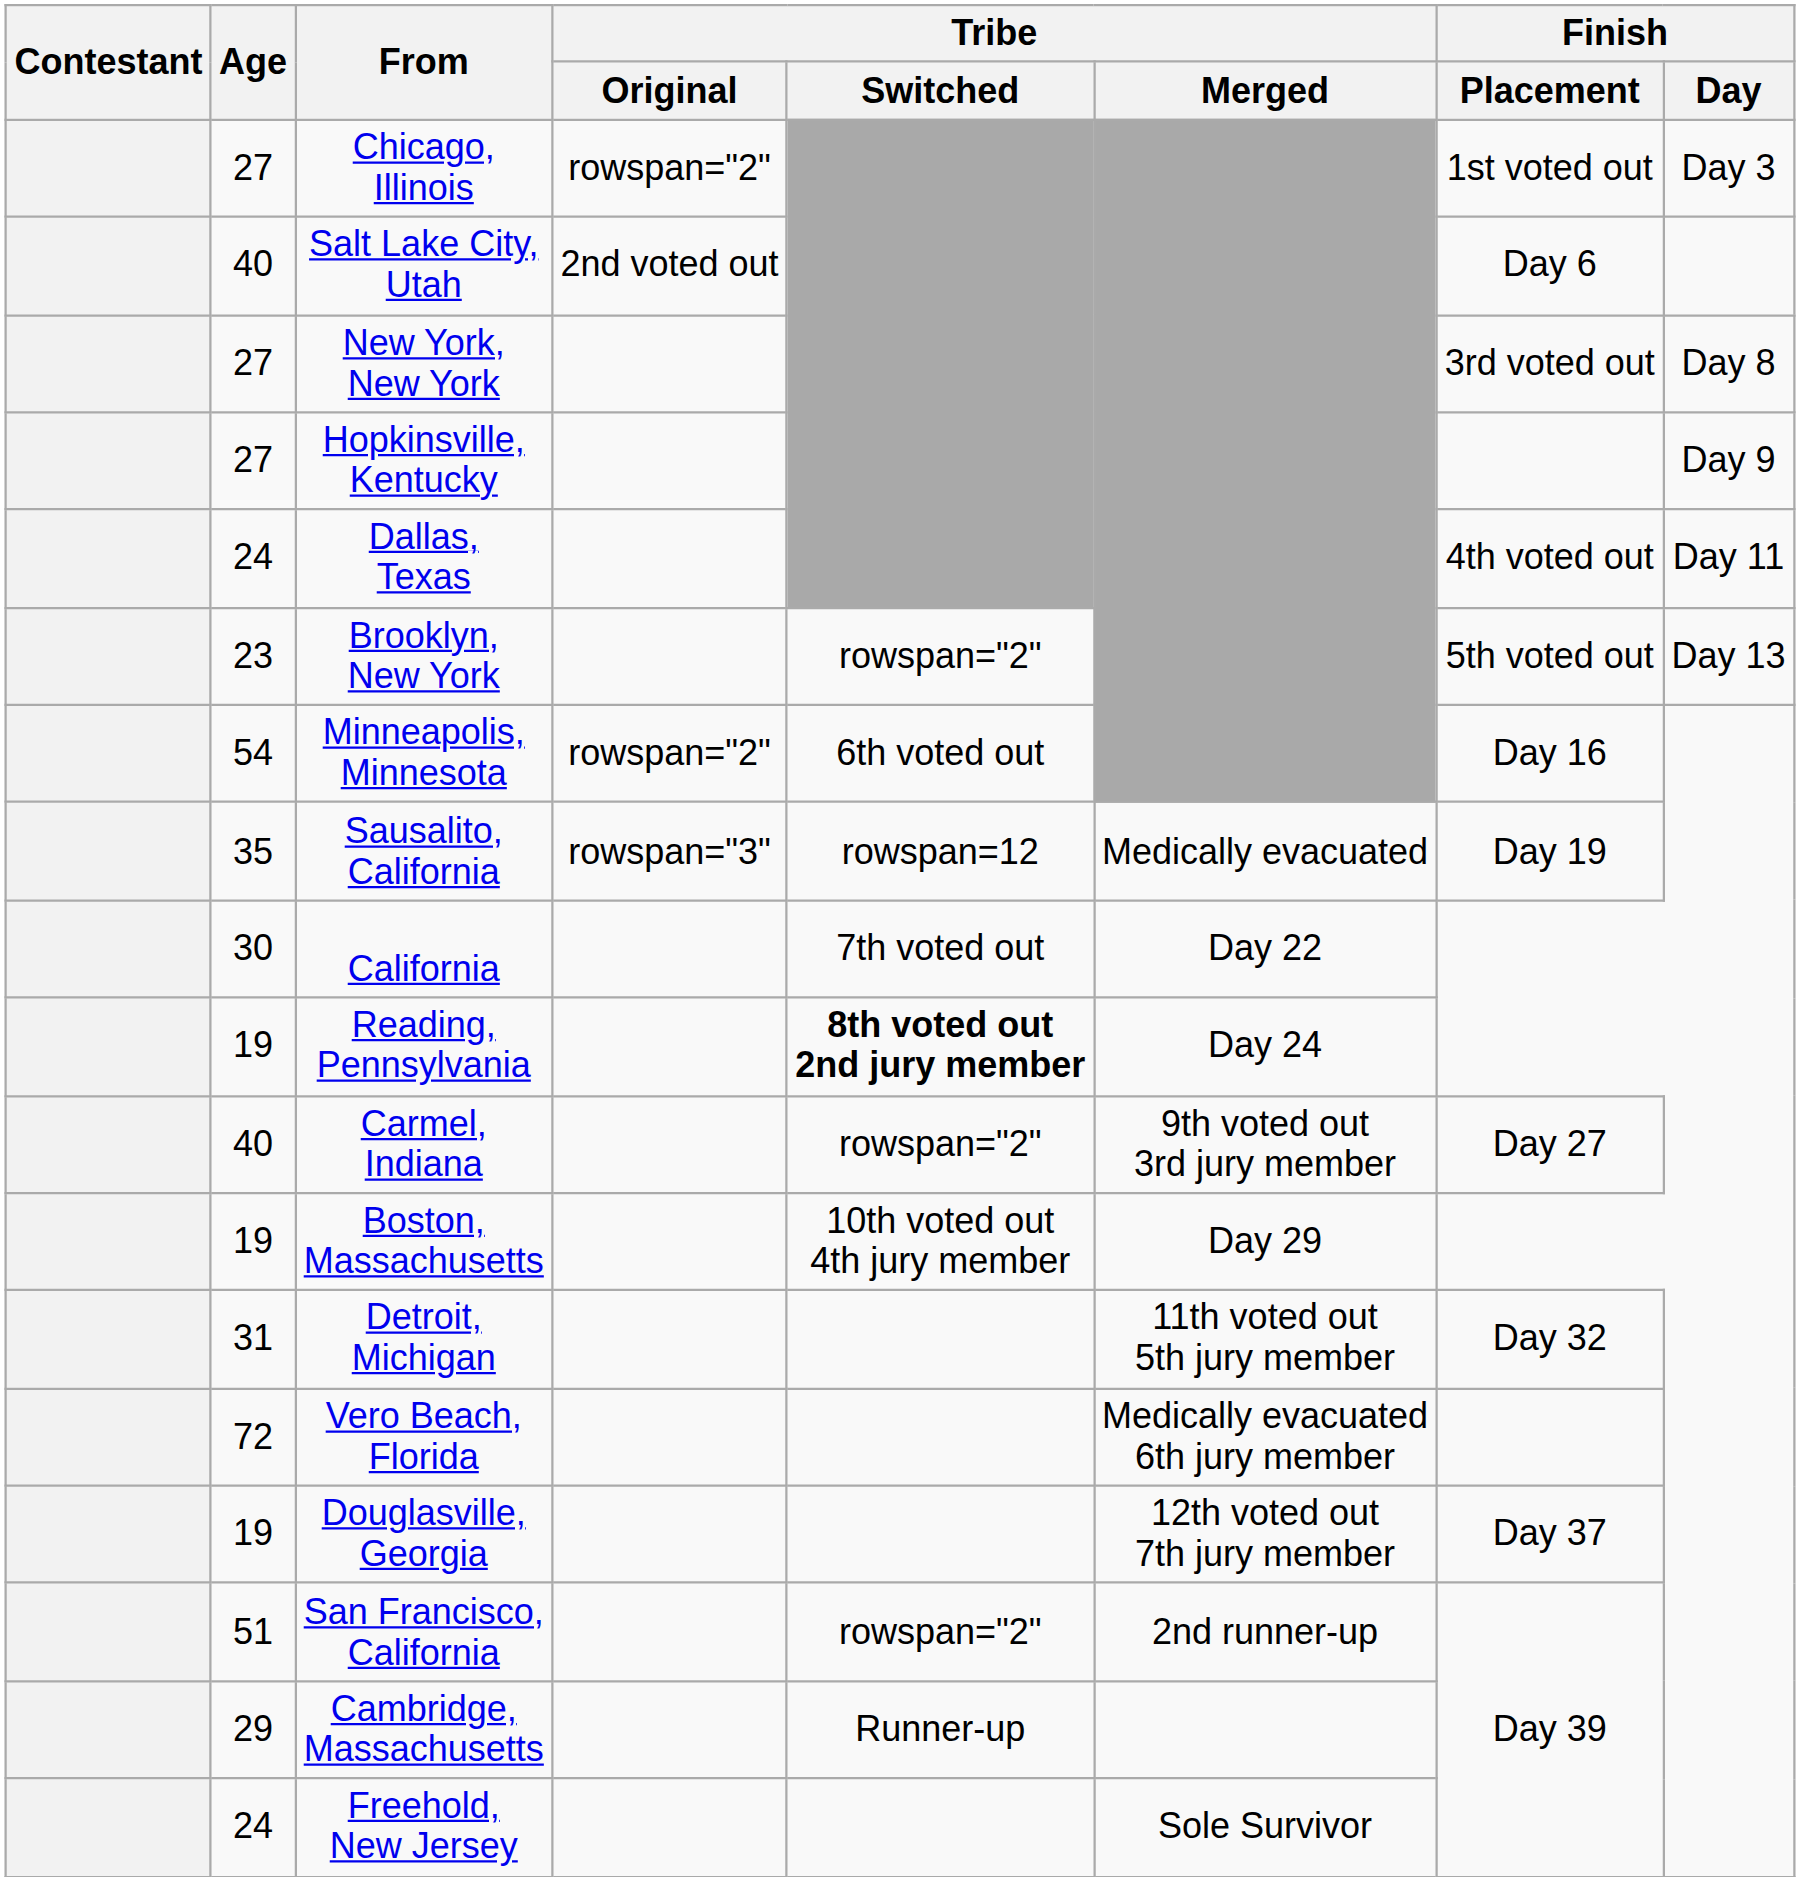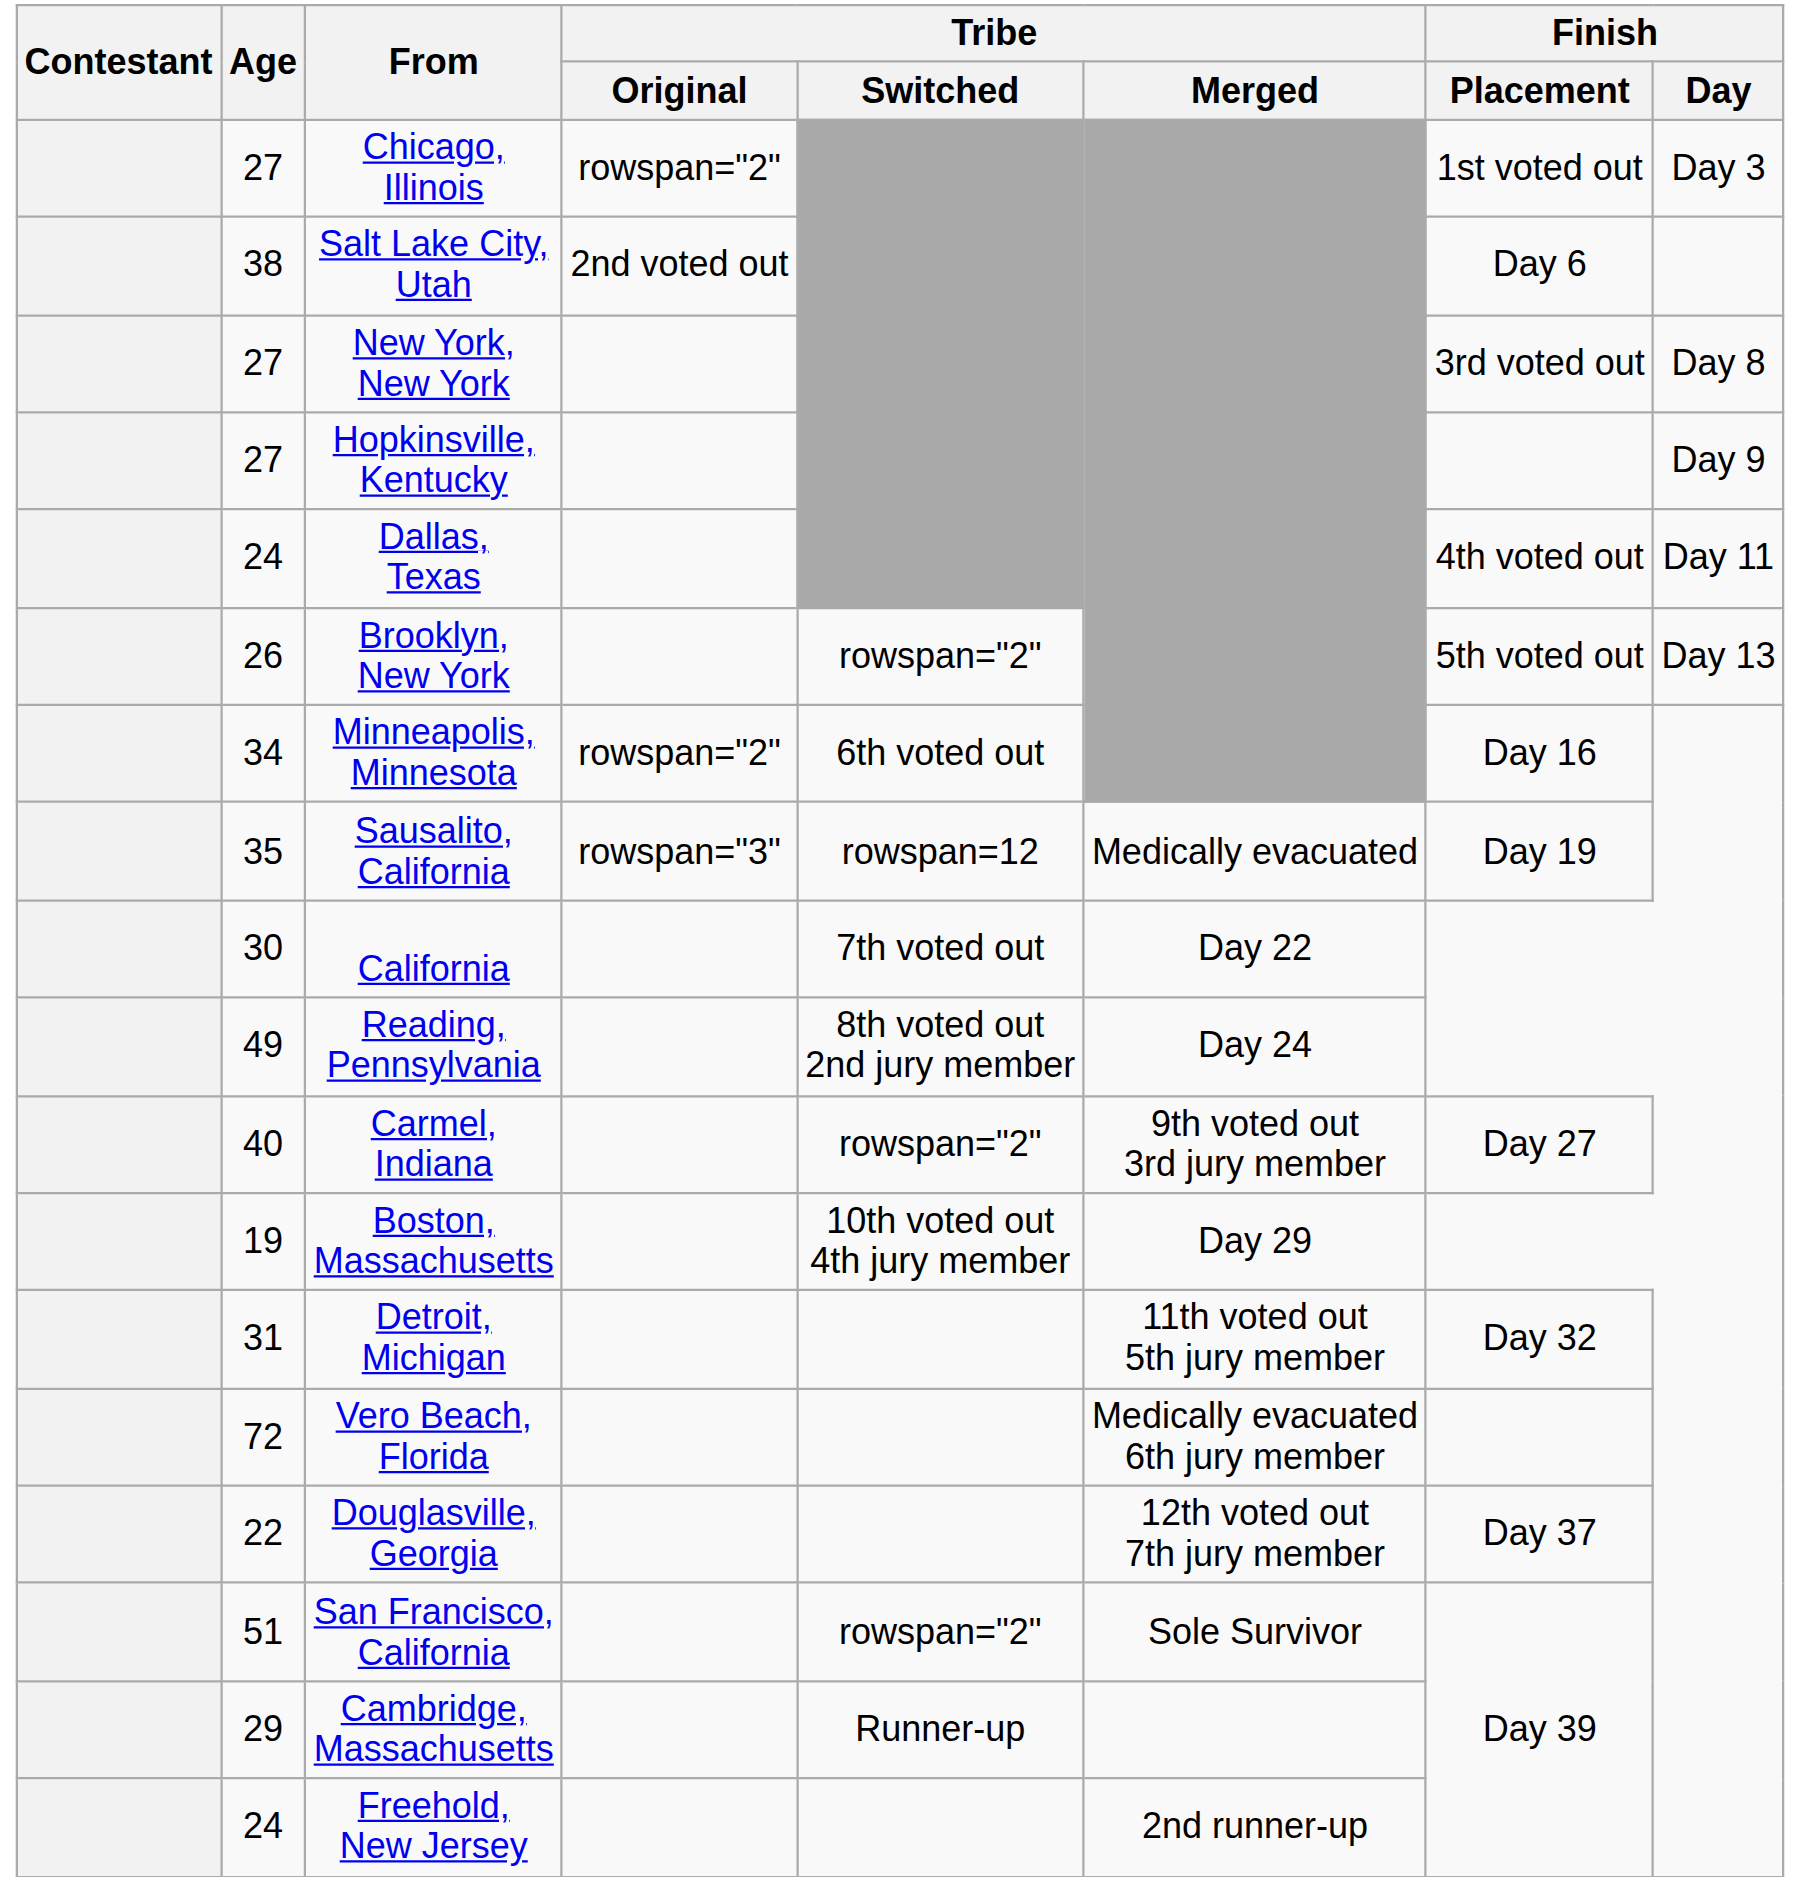 <table class="wikitable sortable" style="margin:auto; text-align:center">
 <tr>
 <th rowspan="2" scope="col">Contestant</th>
 <th rowspan="2" scope="col">Age</th>
 <th rowspan="2" scope="col" class=unsortable>From</th>
 <th colspan="3" scope="colgroup">Tribe</th>
 <th colspan="2" scope="colgroup">Finish</th>
 </tr>
 <tr>
 <th scope="col">Original</th>
 <th scope="col">Switched</th>
 <th scope="col" class=unsortable>Merged</th>
 <th scope="col" class=unsortable>Placement</th>
 <th scope="col" class=unsortable>Day</th>
 </tr>
 <tr>
 <th scope="row" style=text-align:left></th>
 <td>27</td>
 <td><a href='#'>Chicago,<br>Illinois</a></td>
 <td>rowspan="2" </td>
 <td style="background:darkgrey;" rowspan="5"></td>
 <td style="background:darkgrey;" rowspan="7"></td>
 <td>1st voted out</td>
 <td>Day 3</td>
 </tr>
 <tr>
 <th scope="row" style=text-align:left></th>
-<td>40</td>
+<td>38</td>
 <td><a href='#'>Salt Lake City,<br>Utah</a></td>
 <td>2nd voted out</td>
 <td>Day 6</td>
 </tr>
 <tr>
 <th scope="row" style=text-align:left></th>
 <td>27</td>
 <td><a href='#'>New York,<br>New York</a></td>
 <td></td>
 <td>3rd voted out</td>
 <td>Day 8</td>
 </tr>
 <tr>
 <th scope="row" style=text-align:left></th>
 <td>27</td>
 <td><a href='#'>Hopkinsville,<br>Kentucky</a></td>
 <td></td>
 <td></td>
 <td>Day 9</td>
 </tr>
 <tr>
 <th scope="row" style=text-align:left></th>
 <td>24</td>
 <td><a href='#'>Dallas,<br>Texas</a></td>
 <td></td>
 <td>4th voted out</td>
 <td>Day 11</td>
 </tr>
 <tr>
 <th scope="row" style=text-align:left></th>
-<td>23</td>
+<td>26</td>
 <td><a href='#'>Brooklyn,<br>New York</a></td>
 <td></td>
 <td>rowspan="2" </td>
 <td>5th voted out</td>
 <td>Day 13</td>
 </tr>
 <tr>
 <th scope="row" style=text-align:left></th>
-<td>54</td>
+<td>34</td>
 <td><a href='#'>Minneapolis,<br>Minnesota</a></td>
 <td>rowspan="2" </td>
 <td>6th voted out</td>
 <td>Day 16</td>
 </tr>
 <tr>
 <th scope="row" style=text-align:left></th>
 <td>35</td>
 <td><a href='#'>Sausalito,<br>California</a></td>
 <td>rowspan="3" </td>
 <td>rowspan=12 </td>
 <td>Medically evacuated<br></td>
 <td>Day 19</td>
 </tr>
 <tr>
 <th scope="row" style=text-align:left></th>
 <td>30</td>
 <td><a href='#'><br>California</a></td>
 <td></td>
 <td>7th voted out<br></td>
 <td>Day 22</td>
 </tr>
 <tr>
 <th scope="row" style=text-align:left></th>
-<td>19</td>
+<td>49</td>
 <td><a href='#'>Reading,<br>Pennsylvania</a></td>
 <td></td>
-<td><strong>8th voted out<br>2nd jury member</strong></td>
+<td>8th voted out<br>2nd jury member</td>
 <td>Day 24</td>
 </tr>
 <tr>
 <th scope="row" style=text-align:left></th>
 <td>40</td>
 <td><a href='#'>Carmel,<br>Indiana</a></td>
 <td></td>
 <td>rowspan="2" </td>
 <td>9th voted out<br>3rd jury member</td>
 <td>Day 27</td>
 </tr>
 <tr>
 <th scope="row" style=text-align:left></th>
 <td>19</td>
 <td><a href='#'>Boston,<br>Massachusetts</a></td>
 <td></td>
 <td>10th voted out<br>4th jury member</td>
 <td>Day 29</td>
 </tr>
 <tr>
 <th scope="row" style=text-align:left></th>
 <td>31</td>
 <td><a href='#'>Detroit,<br>Michigan</a></td>
 <td></td>
 <td></td>
 <td>11th voted out<br>5th jury member</td>
 <td>Day 32</td>
 </tr>
 <tr>
 <th scope="row" style=text-align:left></th>
 <td>72</td>
 <td><a href='#'>Vero Beach,<br>Florida</a></td>
 <td></td>
 <td></td>
 <td>Medically evacuated<br>6th jury member</td>
 <td></td>
 </tr>
 <tr>
 <th scope="row" style=text-align:left></th>
-<td>19</td>
+<td>22</td>
 <td><a href='#'>Douglasville,<br>Georgia</a></td>
 <td></td>
 <td></td>
 <td>12th voted out<br>7th jury member</td>
 <td>Day 37</td>
 </tr>
 <tr>
 <th scope="row" style=text-align:left></th>
 <td>51</td>
 <td><a href='#'>San Francisco,<br>California</a></td>
 <td></td>
 <td>rowspan="2" </td>
-<td>2nd runner-up</td>
+<td>Sole Survivor</td>
 <td rowspan="3">Day 39</td>
 </tr>
 <tr>
 <th scope="row" style=text-align:left></th>
 <td>29</td>
 <td><a href='#'>Cambridge,<br>Massachusetts</a></td>
 <td></td>
 <td>Runner-up</td>
 </tr>
 <tr>
 <th scope="row" style=text-align:left></th>
 <td>24</td>
 <td><a href='#'>Freehold,<br>New Jersey</a></td>
 <td></td>
 <td></td>
-<td>Sole Survivor</td>
+<td>2nd runner-up</td>
 </tr>
 </table>
